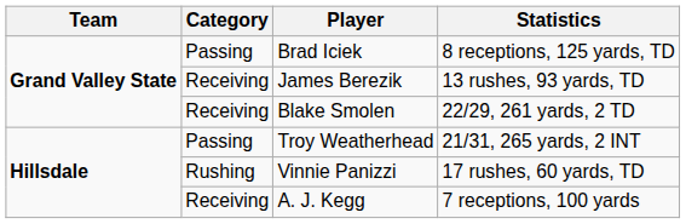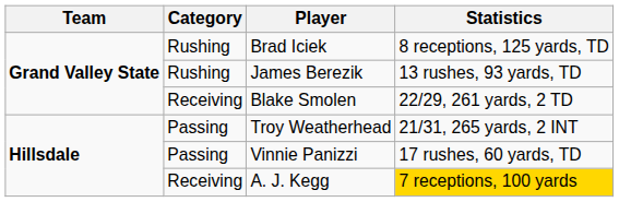 <table class="wikitable" style="float: right;">
 <tr>
 <th>Team</th>
 <th>Category</th>
 <th>Player</th>
 <th>Statistics</th>
 </tr>
 <tr>
 <td rowspan=3><strong>Grand Valley State</strong></td>
-<td>Passing</td>
+<td>Rushing</td>
 <td>Brad Iciek</td>
 <td>8 receptions, 125 yards, TD</td>
 </tr>
 <tr>
-<td>Receiving</td>
+<td>Rushing</td>
 <td>James Berezik</td>
 <td>13 rushes, 93 yards, TD</td>
 </tr>
 <tr>
 <td>Receiving</td>
 <td>Blake Smolen</td>
 <td>22/29, 261 yards, 2 TD</td>
 </tr>
 <tr>
 <td rowspan=3><strong>Hillsdale</strong></td>
 <td>Passing</td>
 <td>Troy Weatherhead</td>
 <td>21/31, 265 yards, 2 INT</td>
 </tr>
 <tr>
-<td>Rushing</td>
+<td>Passing</td>
 <td>Vinnie Panizzi</td>
 <td>17 rushes, 60 yards, TD</td>
 </tr>
 <tr>
 <td>Receiving</td>
 <td>A. J. Kegg</td>
-<td>7 receptions, 100 yards</td>
+<td style="background: gold;">7 receptions, 100 yards</td>
 </tr>
 </table>
